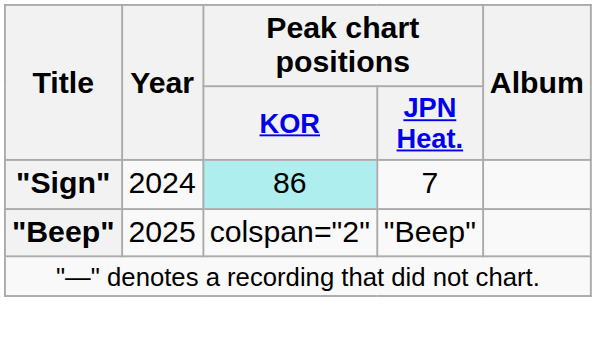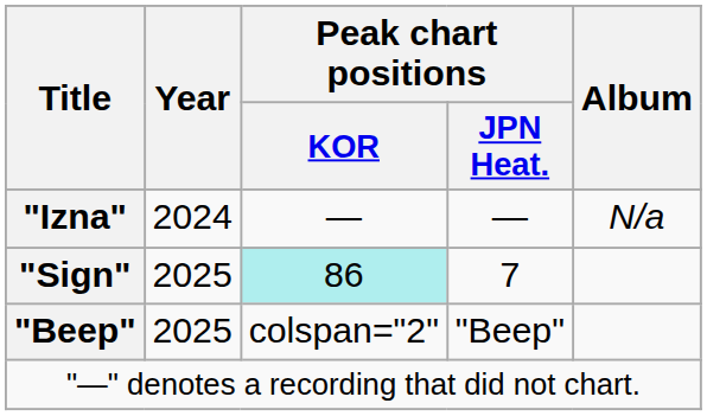 <table class="wikitable plainrowheaders" style="text-align:center">
 <tr>
 <th scope="col" rowspan="2">Title</th>
 <th scope="col" rowspan="2">Year</th>
 <th scope="col" colspan="2">Peak chart positions</th>
 <th scope="col" rowspan="2">Album</th>
 </tr>
 <tr>
 <th scope="col" style="font-size:90%; width:3em"><a href='#'>KOR</a><br></th>
 <th scope="col" style="font-size:90%; width:3em"><a href='#'>JPN<br>Heat.</a><br></th>
 </tr>
 <tr>
+<th scope="row">"Izna"</th>
+<td>2024</td>
+<td>—</td>
+<td>—</td>
+<td><em>N/a</em></td>
+</tr>
+<tr>
 <th scope="row">"Sign"</th>
-<td>2024</td>
+<td>2025</td>
 <td style="background: paleturquoise;">86</td>
 <td>7</td>
 <td></td>
 </tr>
 <tr>
 <th scope="row">"Beep"</th>
 <td>2025</td>
 <td>colspan="2" </td>
 <td>"Beep"</td>
 </tr>
 <tr>
 <td colspan="5" style="font-size:85%">"—" denotes a recording that did not chart.</td>
 </tr>
 </table>
